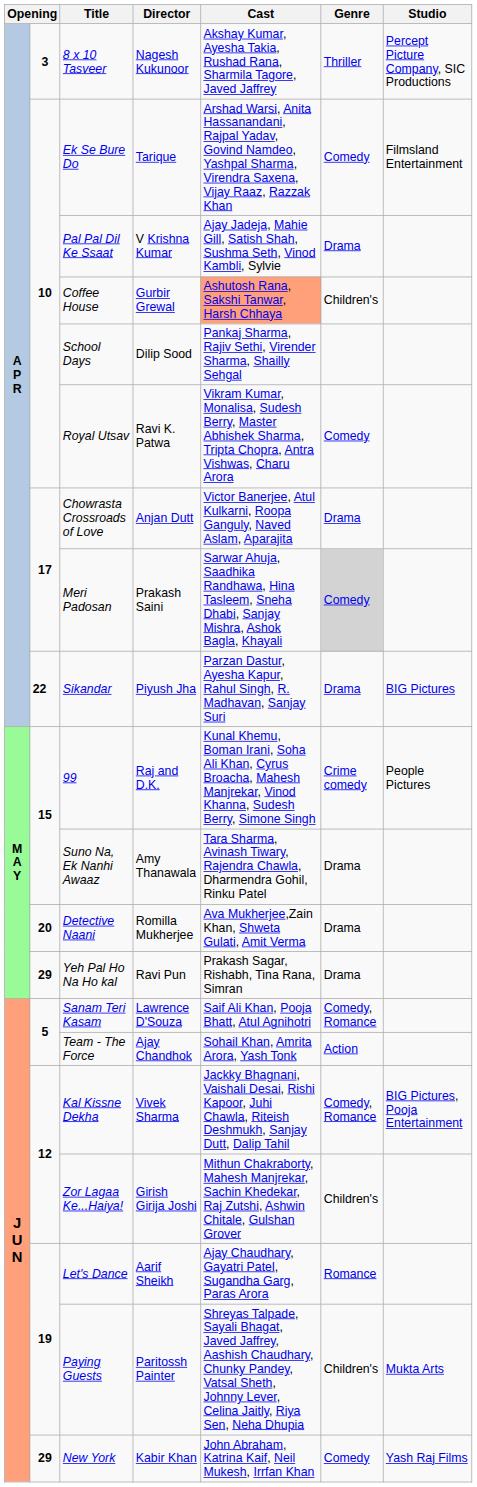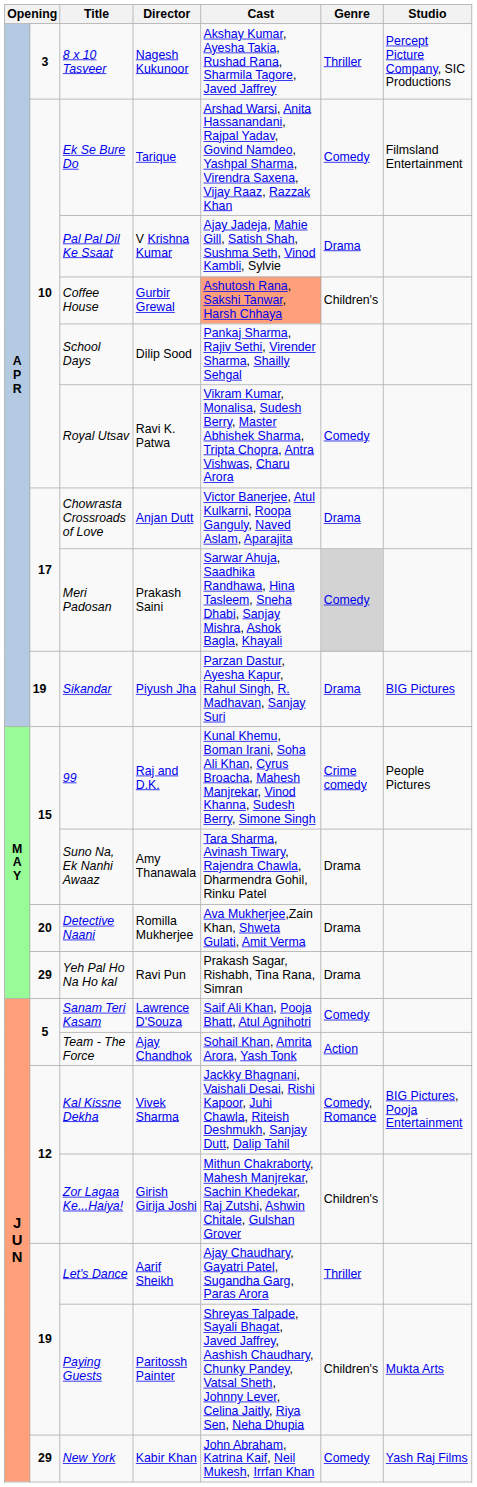 <table class="wikitable">
 <tr>
 <th colspan="2">Opening</th>
 <th>Title</th>
 <th>Director</th>
 <th>Cast</th>
 <th>Genre</th>
 <th>Studio</th>
 </tr>
 <tr>
 <td rowspan="9" valign="center" align="center" style="background:#b4cae3;"><strong>A<br>P<br>R</strong></td>
 <td rowspan="1" align="center"><strong>3</strong></td>
 <td><em><a href='#'>8 x 10 Tasveer</a></em></td>
 <td><a href='#'>Nagesh Kukunoor</a></td>
 <td><a href='#'>Akshay Kumar</a>, <a href='#'>Ayesha Takia</a>, <a href='#'>Rushad Rana</a>, <a href='#'>Sharmila Tagore</a>, <a href='#'>Javed Jaffrey</a></td>
 <td><a href='#'>Thriller</a></td>
 <td><a href='#'>Percept Picture Company</a>, SIC Productions</td>
 </tr>
 <tr>
 <td rowspan="5" align="center"><strong>10</strong></td>
 <td><em><a href='#'>Ek Se Bure Do</a></em></td>
 <td><a href='#'>Tarique</a></td>
 <td><a href='#'>Arshad Warsi</a>, <a href='#'>Anita Hassanandani</a>, <a href='#'>Rajpal Yadav</a>, <a href='#'>Govind Namdeo</a>, <a href='#'>Yashpal Sharma</a>, <a href='#'>Virendra Saxena</a>, <a href='#'>Vijay Raaz</a>, <a href='#'>Razzak Khan</a></td>
 <td><a href='#'>Comedy</a></td>
 <td>Filmsland Entertainment</td>
 </tr>
 <tr>
 <td><em><a href='#'>Pal Pal Dil Ke Ssaat</a></em></td>
 <td>V <a href='#'>Krishna Kumar</a></td>
 <td><a href='#'>Ajay Jadeja</a>, <a href='#'>Mahie Gill</a>, <a href='#'>Satish Shah</a>, <a href='#'>Sushma Seth</a>, <a href='#'>Vinod Kambli</a>, Sylvie</td>
 <td><a href='#'>Drama</a></td>
 <td></td>
 </tr>
 <tr>
 <td><em>Coffee House</em></td>
 <td><a href='#'>Gurbir Grewal</a></td>
 <td style="background: lightsalmon;"><a href='#'>Ashutosh Rana</a>, <a href='#'>Sakshi Tanwar</a>, <a href='#'>Harsh Chhaya</a></td>
 <td>Children's</td>
 <td></td>
 </tr>
 <tr>
 <td><em>School Days</em></td>
 <td>Dilip Sood</td>
 <td><a href='#'>Pankaj Sharma</a>, <a href='#'>Rajiv Sethi</a>, <a href='#'>Virender Sharma</a>, <a href='#'>Shailly Sehgal</a></td>
 <td></td>
 <td></td>
 </tr>
 <tr>
 <td><em>Royal Utsav</em></td>
 <td>Ravi K. Patwa</td>
 <td><a href='#'>Vikram Kumar</a>, <a href='#'>Monalisa</a>, <a href='#'>Sudesh Berry</a>, <a href='#'>Master Abhishek Sharma</a>, <a href='#'>Tripta Chopra</a>, <a href='#'>Antra Vishwas</a>, <a href='#'>Charu Arora</a></td>
 <td><a href='#'>Comedy</a></td>
 <td></td>
 </tr>
 <tr>
 <td rowspan="2" align="center"><strong>17</strong></td>
 <td><em>Chowrasta Crossroads of Love</em></td>
 <td><a href='#'>Anjan Dutt</a></td>
 <td><a href='#'>Victor Banerjee</a>, <a href='#'>Atul Kulkarni</a>, <a href='#'>Roopa Ganguly</a>, <a href='#'>Naved Aslam</a>, <a href='#'>Aparajita</a></td>
 <td><a href='#'>Drama</a></td>
 <td></td>
 </tr>
 <tr>
 <td><em>Meri Padosan</em></td>
 <td>Prakash Saini</td>
 <td><a href='#'>Sarwar Ahuja</a>, <a href='#'>Saadhika Randhawa</a>, <a href='#'>Hina Tasleem</a>, <a href='#'>Sneha Dhabi</a>, <a href='#'>Sanjay Mishra</a>, <a href='#'>Ashok Bagla</a>, <a href='#'>Khayali</a></td>
 <td style="background: lightgrey;"><a href='#'>Comedy</a></td>
 <td></td>
 </tr>
 <tr>
-<td rowspan="1"><strong>22</strong></td>
+<td rowspan="1"><strong>19</strong></td>
 <td><em><a href='#'>Sikandar</a></em></td>
 <td><a href='#'>Piyush Jha</a></td>
 <td><a href='#'>Parzan Dastur</a>, <a href='#'>Ayesha Kapur</a>, <a href='#'>Rahul Singh</a>, <a href='#'>R. Madhavan</a>, <a href='#'>Sanjay Suri</a></td>
 <td><a href='#'>Drama</a></td>
 <td><a href='#'>BIG Pictures</a></td>
 </tr>
 <tr May>
 <td rowspan="4" style="text-align:center; background:#98fb98; textcolor:#000;"><strong>M<br>A<br>Y</strong></td>
 <td rowspan="2" align="center"><strong>15</strong></td>
 <td><em><a href='#'>99</a></em></td>
 <td><a href='#'>Raj and D.K.</a></td>
 <td><a href='#'>Kunal Khemu</a>, <a href='#'>Boman Irani</a>, <a href='#'>Soha Ali Khan</a>, <a href='#'>Cyrus Broacha</a>, <a href='#'>Mahesh Manjrekar</a>, <a href='#'>Vinod Khanna</a>, <a href='#'>Sudesh Berry</a>, <a href='#'>Simone Singh</a></td>
 <td><a href='#'>Crime comedy</a></td>
 <td>People Pictures</td>
 </tr>
 <tr>
 <td><em>Suno Na, Ek Nanhi Awaaz</em></td>
 <td>Amy Thanawala</td>
 <td><a href='#'>Tara Sharma</a>, <a href='#'>Avinash Tiwary</a>, <a href='#'>Rajendra Chawla</a>, Dharmendra Gohil, Rinku Patel</td>
 <td>Drama</td>
 <td></td>
 </tr>
 <tr>
 <td align="center"><strong>20</strong></td>
 <td><em><a href='#'>Detective Naani</a></em></td>
 <td>Romilla Mukherjee</td>
 <td><a href='#'>Ava Mukherjee</a>,Zain Khan, <a href='#'>Shweta Gulati</a>, <a href='#'>Amit Verma</a></td>
 <td>Drama</td>
 <td></td>
 </tr>
 <tr>
 <td align="center"><strong>29</strong></td>
 <td><em>Yeh Pal Ho Na Ho kal</em></td>
 <td>Ravi Pun</td>
 <td>Prakash Sagar, Rishabh, Tina Rana, Simran</td>
 <td>Drama</td>
 <td></td>
 </tr>
 <tr June>
 <td rowspan="8" valign="center" align="center" style="background:#FFA07A; textcolor:#000;"><big><strong>J<br>U<br>N</strong></big></td>
 <td rowspan="2" align="center"><strong>5</strong></td>
 <td><em><a href='#'>Sanam Teri Kasam</a></em></td>
 <td><a href='#'>Lawrence D'Souza</a></td>
 <td><a href='#'>Saif Ali Khan</a>, <a href='#'>Pooja Bhatt</a>, <a href='#'>Atul Agnihotri</a></td>
-<td><a href='#'>Comedy</a>, <a href='#'>Romance</a></td>
+<td><a href='#'>Comedy</a></td>
 <td></td>
 </tr>
 <tr>
 <td><em>Team - The Force</em></td>
 <td><a href='#'>Ajay Chandhok</a></td>
 <td><a href='#'>Sohail Khan</a>, <a href='#'>Amrita Arora</a>, <a href='#'>Yash Tonk</a></td>
 <td><a href='#'>Action</a></td>
 <td></td>
 </tr>
 <tr>
 <td rowspan="2" align="center"><strong>12</strong></td>
 <td><em><a href='#'>Kal Kissne Dekha</a></em></td>
 <td><a href='#'>Vivek Sharma</a></td>
 <td><a href='#'>Jackky Bhagnani</a>, <a href='#'>Vaishali Desai</a>, <a href='#'>Rishi Kapoor</a>, <a href='#'>Juhi Chawla</a>, <a href='#'>Riteish Deshmukh</a>, <a href='#'>Sanjay Dutt</a>, <a href='#'>Dalip Tahil</a></td>
 <td><a href='#'>Comedy</a>, <a href='#'>Romance</a></td>
 <td><a href='#'>BIG Pictures</a>, <a href='#'>Pooja Entertainment</a></td>
 </tr>
 <tr>
 <td><em><a href='#'>Zor Lagaa Ke...Haiya!</a></em></td>
 <td><a href='#'>Girish Girija Joshi</a></td>
 <td><a href='#'>Mithun Chakraborty</a>, <a href='#'>Mahesh Manjrekar</a>, <a href='#'>Sachin Khedekar</a>, <a href='#'>Raj Zutshi</a>, <a href='#'>Ashwin Chitale</a>, <a href='#'>Gulshan Grover</a></td>
 <td>Children's</td>
 <td></td>
 </tr>
 <tr>
 <td rowspan="2" align="center"><strong>19</strong></td>
 <td><em><a href='#'>Let's Dance</a></em></td>
 <td><a href='#'>Aarif Sheikh</a></td>
 <td><a href='#'>Ajay Chaudhary</a>, <a href='#'>Gayatri Patel</a>, <a href='#'>Sugandha Garg</a>, <a href='#'>Paras Arora</a></td>
-<td><a href='#'>Romance</a></td>
+<td><a href='#'>Thriller</a></td>
 <td></td>
 </tr>
 <tr>
 <td><em><a href='#'>Paying Guests</a></em></td>
 <td><a href='#'>Paritossh Painter</a></td>
 <td><a href='#'>Shreyas Talpade</a>, <a href='#'>Sayali Bhagat</a>, <a href='#'>Javed Jaffrey</a>, <a href='#'>Aashish Chaudhary</a>, <a href='#'>Chunky Pandey</a>, <a href='#'>Vatsal Sheth</a>, <a href='#'>Johnny Lever</a>, <a href='#'>Celina Jaitly</a>, <a href='#'>Riya Sen</a>, <a href='#'>Neha Dhupia</a></td>
 <td>Children's</td>
 <td><a href='#'>Mukta Arts</a></td>
 </tr>
 <tr>
 <td rowspan="1" align="center"><strong>29</strong></td>
 <td><em><a href='#'>New York</a></em></td>
 <td><a href='#'>Kabir Khan</a></td>
 <td><a href='#'>John Abraham</a>, <a href='#'>Katrina Kaif</a>, <a href='#'>Neil Mukesh</a>, <a href='#'>Irrfan Khan</a></td>
 <td><a href='#'>Comedy</a></td>
 <td><a href='#'>Yash Raj Films</a></td>
 </tr>
 </table>
